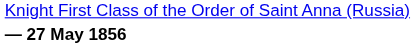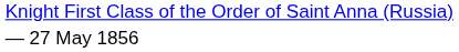 <table>
 <tr>
 <td rowspan=2 style="width:60px; vertical-align:top;"></td>
 <td><a href='#'>Knight First Class of the Order of Saint Anna (Russia)</a></td>
 </tr>
 <tr>
-<td><strong>— 27 May 1856</strong></td>
+<td>— 27 May 1856</td>
 </tr>
 </table>
